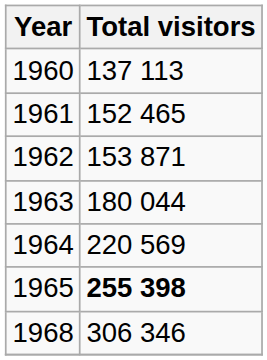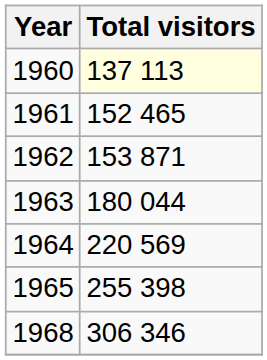 <table class="wikitable sortable" style="margin:5px;float:right">
 <tr>
 <th>Year</th>
 <th>Total visitors</th>
 </tr>
 <tr>
 <td>1960</td>
-<td>137 113</td>
+<td style="background: lightyellow;">137 113</td>
 </tr>
 <tr>
 <td>1961</td>
 <td>152 465</td>
 </tr>
 <tr>
 <td>1962</td>
 <td>153 871</td>
 </tr>
 <tr>
 <td>1963</td>
 <td>180 044</td>
 </tr>
 <tr>
 <td>1964</td>
 <td>220 569</td>
 </tr>
 <tr>
 <td>1965</td>
-<td><strong>255 398</strong></td>
+<td>255 398</td>
 </tr>
 <tr>
 <td>1968</td>
 <td>306 346</td>
 </tr>
 <tr>
 </tr>
 </table>
